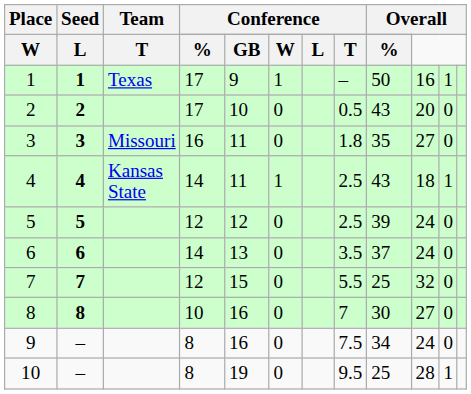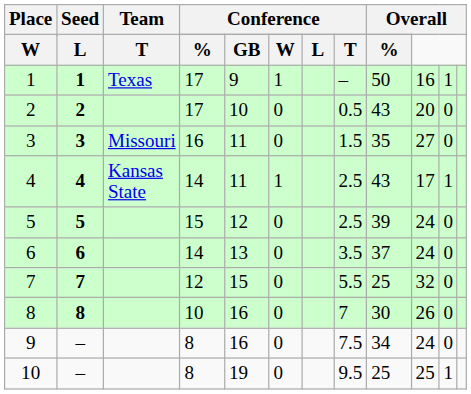 <table class="wikitable">
 <tr>
 <th rowspan ="2">Place</th>
 <th rowspan ="2">Seed</th>
 <th rowspan ="2">Team</th>
 <th colspan = "5">Conference</th>
 <th colspan = "4">Overall</th>
 </tr>
 <tr>
 </tr>
 <tr>
 <th scope="col" style="width: 20px;">W</th>
 <th scope="col" style="width: 20px;">L</th>
 <th scope="col" style="width: 20px;">T</th>
 <th scope="col" style="width: 30px;">%</th>
 <th scope="col" style="width: 30px;">GB</th>
 <th scope="col" style="width: 20px;">W</th>
 <th scope="col" style="width: 20px;">L</th>
 <th scope="col" style="width: 20px;">T</th>
 <th scope="col" style="width: 30px;">%</th>
 </tr>
 <tr bgcolor=#ccffcc>
 <td style="text-align:center;">1</td>
 <td style="text-align:center;"><strong>1</strong></td>
 <td><a href='#'>Texas</a></td>
 <td>17</td>
 <td>9</td>
 <td>1</td>
 <td></td>
 <td>–</td>
 <td>50</td>
 <td>16</td>
 <td>1</td>
 <td></td>
 </tr>
 <tr bgcolor=#ccffcc>
 <td style="text-align:center;">2</td>
 <td style="text-align:center;"><strong>2</strong></td>
 <td></td>
 <td>17</td>
 <td>10</td>
 <td>0</td>
 <td></td>
 <td>0.5</td>
 <td>43</td>
 <td>20</td>
 <td>0</td>
 <td></td>
 </tr>
 <tr bgcolor=#ccffcc>
 <td style="text-align:center;">3</td>
 <td style="text-align:center;"><strong>3</strong></td>
 <td><a href='#'>Missouri</a></td>
 <td>16</td>
 <td>11</td>
 <td>0</td>
 <td></td>
-<td>1.8</td>
+<td>1.5</td>
 <td>35</td>
 <td>27</td>
 <td>0</td>
 <td></td>
 </tr>
 <tr bgcolor=#ccffcc>
 <td style="text-align:center;">4</td>
 <td style="text-align:center;"><strong>4</strong></td>
 <td><a href='#'>Kansas State</a></td>
 <td>14</td>
 <td>11</td>
 <td>1</td>
 <td></td>
 <td>2.5</td>
 <td>43</td>
-<td>18</td>
+<td>17</td>
 <td>1</td>
 <td></td>
 </tr>
 <tr bgcolor=#ccffcc>
 <td style="text-align:center;">5</td>
 <td style="text-align:center;"><strong>5</strong></td>
 <td></td>
-<td>12</td>
+<td>15</td>
 <td>12</td>
 <td>0</td>
 <td></td>
 <td>2.5</td>
 <td>39</td>
 <td>24</td>
 <td>0</td>
 <td></td>
 </tr>
 <tr bgcolor=#ccffcc>
 <td style="text-align:center;">6</td>
 <td style="text-align:center;"><strong>6</strong></td>
 <td></td>
 <td>14</td>
 <td>13</td>
 <td>0</td>
 <td></td>
 <td>3.5</td>
 <td>37</td>
 <td>24</td>
 <td>0</td>
 <td></td>
 </tr>
 <tr bgcolor=#ccffcc>
 <td style="text-align:center;">7</td>
 <td style="text-align:center;"><strong>7</strong></td>
 <td></td>
 <td>12</td>
 <td>15</td>
 <td>0</td>
 <td></td>
 <td>5.5</td>
 <td>25</td>
 <td>32</td>
 <td>0</td>
 <td></td>
 </tr>
 <tr bgcolor=#ccffcc>
 <td style="text-align:center;">8</td>
 <td style="text-align:center;"><strong>8</strong></td>
 <td></td>
 <td>10</td>
 <td>16</td>
 <td>0</td>
 <td></td>
 <td>7</td>
 <td>30</td>
-<td>27</td>
+<td>26</td>
 <td>0</td>
 <td></td>
 </tr>
 <tr>
 <td style="text-align:center;">9</td>
 <td style="text-align:center;">–</td>
 <td></td>
 <td>8</td>
 <td>16</td>
 <td>0</td>
 <td></td>
 <td>7.5</td>
 <td>34</td>
 <td>24</td>
 <td>0</td>
 <td></td>
 </tr>
 <tr>
 <td style="text-align:center;">10</td>
 <td style="text-align:center;">–</td>
 <td></td>
 <td>8</td>
 <td>19</td>
 <td>0</td>
 <td></td>
 <td>9.5</td>
 <td>25</td>
-<td>28</td>
+<td>25</td>
 <td>1</td>
 <td></td>
 </tr>
 </table>
